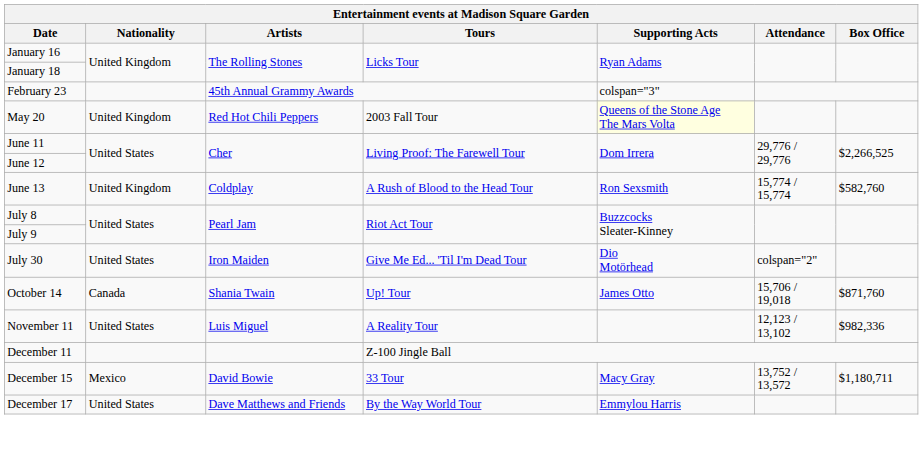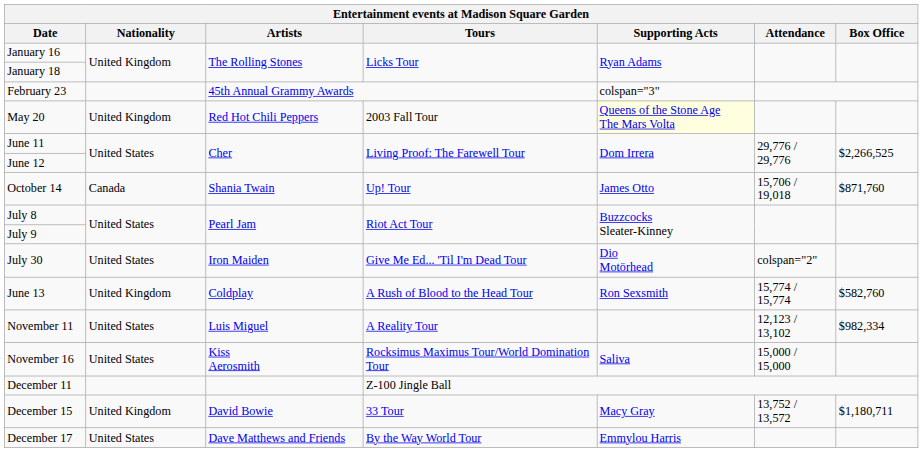 <table class="wikitable">
 <tr>
 <th colspan="7">Entertainment events at Madison Square Garden</th>
 </tr>
 <tr>
 <th width=100>Date</th>
 <th width=150>Nationality</th>
 <th width=200>Artists</th>
 <th width=300>Tours</th>
 <th width=200>Supporting Acts</th>
 <th width=100>Attendance</th>
 <th width=100>Box Office</th>
 </tr>
 <tr>
 <td>January 16</td>
 <td rowspan=2>United Kingdom</td>
 <td rowspan=2><a href='#'>The Rolling Stones</a></td>
 <td rowspan=2><a href='#'>Licks Tour</a></td>
 <td rowspan=2><a href='#'>Ryan Adams</a></td>
 <td rowspan=2></td>
 <td rowspan=2></td>
 </tr>
 <tr>
 <td>January 18</td>
 </tr>
 <tr>
 <td>February 23</td>
 <td></td>
 <td colspan="2"><a href='#'>45th Annual Grammy Awards</a></td>
 <td>colspan="3" </td>
 </tr>
 <tr>
 <td>May 20</td>
 <td>United Kingdom</td>
 <td><a href='#'>Red Hot Chili Peppers</a></td>
 <td>2003 Fall Tour</td>
 <td style="background: lightyellow;"><a href='#'>Queens of the Stone Age</a><br><a href='#'>The Mars Volta</a></td>
 <td></td>
 <td></td>
 </tr>
 <tr>
 <td>June 11</td>
 <td rowspan=2>United States</td>
 <td rowspan=2><a href='#'>Cher</a></td>
 <td rowspan=2><a href='#'>Living Proof: The Farewell Tour</a></td>
 <td rowspan=2><a href='#'>Dom Irrera</a></td>
 <td rowspan=2>29,776 / 29,776</td>
 <td rowspan=2>$2,266,525</td>
 </tr>
 <tr>
 <td>June 12</td>
 </tr>
 <tr>
-<td>June 13</td>
-<td>United Kingdom</td>
-<td><a href='#'>Coldplay</a></td>
-<td><a href='#'>A Rush of Blood to the Head Tour</a></td>
-<td><a href='#'>Ron Sexsmith</a></td>
-<td>15,774 / 15,774</td>
-<td>$582,760</td>
+<td>October 14</td>
+<td>Canada</td>
+<td><a href='#'>Shania Twain</a></td>
+<td><a href='#'>Up! Tour</a></td>
+<td><a href='#'>James Otto</a></td>
+<td>15,706 / 19,018</td>
+<td>$871,760</td>
 </tr>
 <tr>
 <td>July 8</td>
 <td rowspan=2>United States</td>
 <td rowspan=2><a href='#'>Pearl Jam</a></td>
 <td rowspan=2><a href='#'>Riot Act Tour</a></td>
 <td rowspan=2><a href='#'>Buzzcocks</a><br>Sleater-Kinney</td>
 <td rowspan=2></td>
 <td rowspan=2></td>
 </tr>
 <tr>
 <td>July 9</td>
 </tr>
 <tr>
 <td>July 30</td>
 <td>United States</td>
 <td><a href='#'>Iron Maiden</a></td>
 <td><a href='#'>Give Me Ed... 'Til I'm Dead Tour</a></td>
 <td><a href='#'>Dio</a><br><a href='#'>Motörhead</a></td>
 <td>colspan="2" </td>
 </tr>
 <tr>
-<td>October 14</td>
-<td>Canada</td>
-<td><a href='#'>Shania Twain</a></td>
-<td><a href='#'>Up! Tour</a></td>
-<td><a href='#'>James Otto</a></td>
-<td>15,706 / 19,018</td>
-<td>$871,760</td>
+<td>June 13</td>
+<td>United Kingdom</td>
+<td><a href='#'>Coldplay</a></td>
+<td><a href='#'>A Rush of Blood to the Head Tour</a></td>
+<td><a href='#'>Ron Sexsmith</a></td>
+<td>15,774 / 15,774</td>
+<td>$582,760</td>
 </tr>
 <tr>
 <td>November 11</td>
 <td>United States</td>
 <td><a href='#'>Luis Miguel</a></td>
 <td><a href='#'>A Reality Tour</a></td>
 <td></td>
 <td>12,123 / 13,102</td>
-<td>$982,336</td>
+<td>$982,334</td>
+</tr>
+<tr>
+<td>November 16</td>
+<td>United States</td>
+<td><a href='#'>Kiss</a><br><a href='#'>Aerosmith</a></td>
+<td><a href='#'>Rocksimus Maximus Tour/World Domination Tour</a></td>
+<td><a href='#'>Saliva</a></td>
+<td>15,000 / 15,000</td>
+<td></td>
 </tr>
 <tr>
 <td>December 11</td>
 <td></td>
 <td></td>
 <td colspan="4">Z-100 Jingle Ball</td>
 </tr>
 <tr>
 <td>December 15</td>
-<td>Mexico</td>
+<td>United Kingdom</td>
 <td><a href='#'>David Bowie</a></td>
 <td><a href='#'>33 Tour</a></td>
 <td><a href='#'>Macy Gray</a></td>
 <td>13,752 / 13,572</td>
 <td>$1,180,711</td>
 </tr>
 <tr>
 <td>December 17</td>
 <td>United States</td>
 <td><a href='#'>Dave Matthews and Friends</a></td>
 <td><a href='#'>By the Way World Tour</a></td>
 <td><a href='#'>Emmylou Harris</a></td>
 <td></td>
 <td></td>
 </tr>
 </table>
